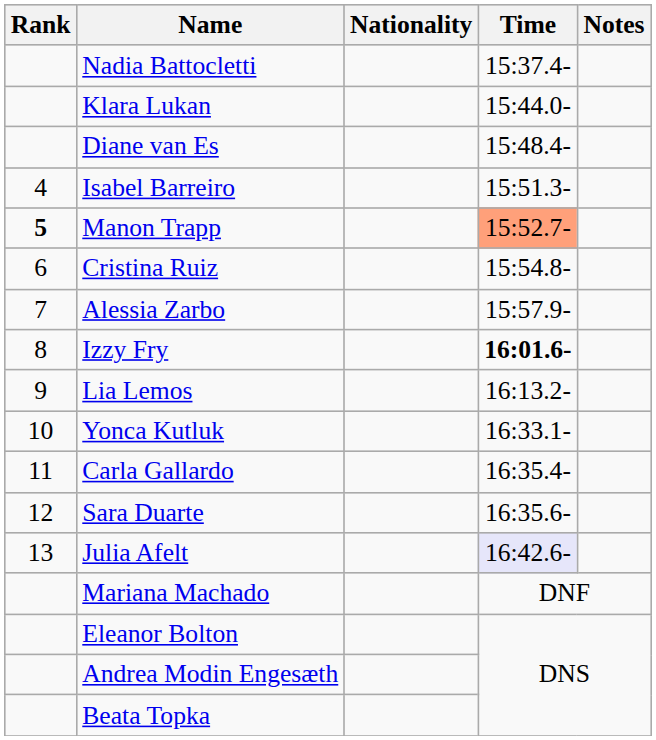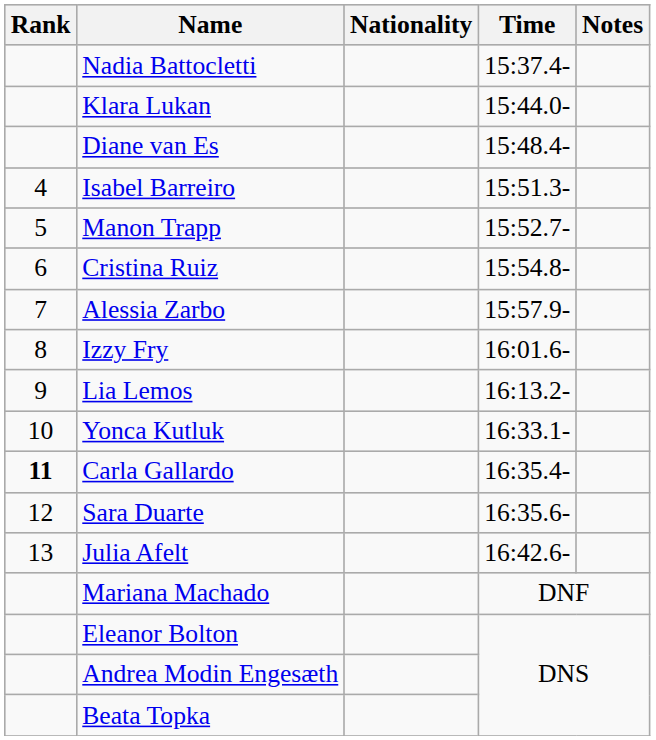 <table class="wikitable sortable" style="text-align:center">
 <tr>
 <th>Rank</th>
 <th>Name</th>
 <th>Nationality</th>
 <th>Time</th>
 <th>Notes</th>
 </tr>
 <tr>
 <td></td>
 <td align=left><a href='#'>Nadia Battocletti</a></td>
 <td align=left></td>
 <td>15:37.4-</td>
 <td></td>
 </tr>
 <tr>
 <td></td>
 <td align=left><a href='#'>Klara Lukan</a></td>
 <td align=left></td>
 <td>15:44.0-</td>
 <td></td>
 </tr>
 <tr>
 <td></td>
 <td align=left><a href='#'>Diane van Es</a></td>
 <td align=left></td>
 <td>15:48.4-</td>
 <td></td>
 </tr>
 <tr>
 <td>4</td>
 <td align=left><a href='#'>Isabel Barreiro</a></td>
 <td align=left></td>
 <td>15:51.3-</td>
 <td></td>
 </tr>
 <tr>
-<td><strong>5</strong></td>
+<td>5</td>
 <td align=left><a href='#'>Manon Trapp</a></td>
 <td align=left></td>
-<td style="background: lightsalmon;">15:52.7-</td>
+<td>15:52.7-</td>
 <td></td>
 </tr>
 <tr>
 <td>6</td>
 <td align=left><a href='#'>Cristina Ruiz</a></td>
 <td align=left></td>
 <td>15:54.8-</td>
 <td></td>
 </tr>
 <tr>
 <td>7</td>
 <td align=left><a href='#'>Alessia Zarbo</a></td>
 <td align=left></td>
 <td>15:57.9-</td>
 <td></td>
 </tr>
 <tr>
 <td>8</td>
 <td align=left><a href='#'>Izzy Fry</a></td>
 <td align=left></td>
-<td><strong>16:01.6-</strong></td>
+<td>16:01.6-</td>
 <td></td>
 </tr>
 <tr>
 <td>9</td>
 <td align=left><a href='#'>Lia Lemos</a></td>
 <td align=left></td>
 <td>16:13.2-</td>
 <td></td>
 </tr>
 <tr>
 <td>10</td>
 <td align=left><a href='#'>Yonca Kutluk</a></td>
 <td align=left></td>
 <td>16:33.1-</td>
 <td></td>
 </tr>
 <tr>
-<td>11</td>
+<td><strong>11</strong></td>
 <td align=left><a href='#'>Carla Gallardo</a></td>
 <td align=left></td>
 <td>16:35.4-</td>
 <td></td>
 </tr>
 <tr>
 <td>12</td>
 <td align=left><a href='#'>Sara Duarte</a></td>
 <td align=left></td>
 <td>16:35.6-</td>
 <td></td>
 </tr>
 <tr>
 <td>13</td>
 <td align=left><a href='#'>Julia Afelt</a></td>
 <td align=left></td>
-<td style="background: lavender;">16:42.6-</td>
+<td>16:42.6-</td>
 <td></td>
 </tr>
 <tr>
 <td></td>
 <td align=left><a href='#'>Mariana Machado</a></td>
 <td align=left></td>
 <td colspan=2>DNF</td>
 </tr>
 <tr>
 <td></td>
 <td align=left><a href='#'>Eleanor Bolton</a></td>
 <td align=left></td>
 <td colspan=2  rowspan=3>DNS</td>
 </tr>
 <tr>
 <td></td>
 <td align=left><a href='#'>Andrea Modin Engesæth</a></td>
 <td align=left></td>
 </tr>
 <tr>
 <td></td>
 <td align=left><a href='#'>Beata Topka</a></td>
 <td align=left></td>
 </tr>
 </table>
